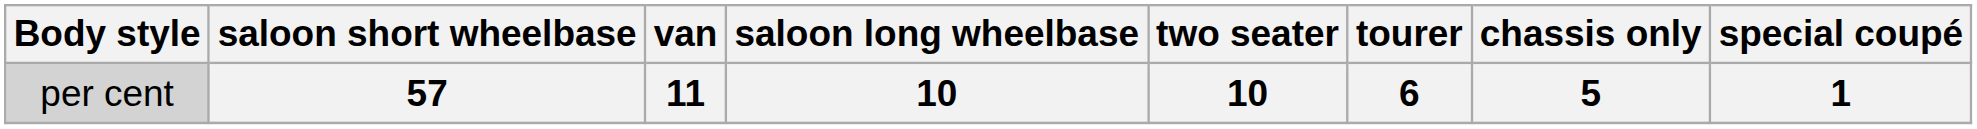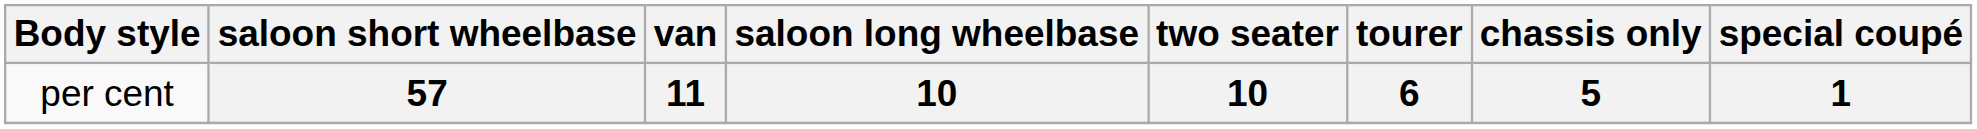 <table class="wikitable" style="text-align:center;">
 <tr>
 <th>Body style</th>
 <th>saloon short wheelbase</th>
 <th>van</th>
 <th>saloon long wheelbase</th>
 <th>two seater</th>
 <th>tourer</th>
 <th>chassis only</th>
 <th>special coupé</th>
 </tr>
 <tr>
-<td style="background: lightgrey;">per cent</td>
+<td>per cent</td>
 <th>57</th>
 <th>11</th>
 <th>10</th>
 <th>10</th>
 <th>6</th>
 <th>5</th>
 <th>1</th>
 </tr>
 <tr>
 </tr>
 </table>
